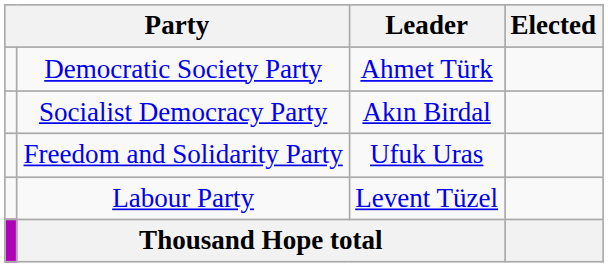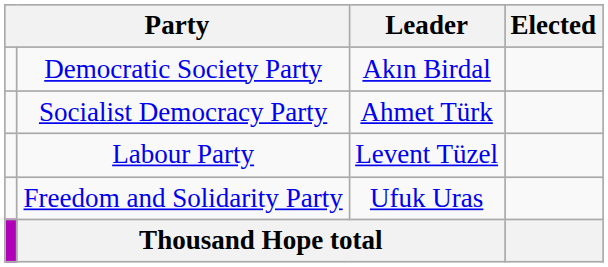 <table class="wikitable sortable" style="text-align:center;">
 <tr>
 <th colspan="2">Party</th>
 <th>Leader</th>
 <th>Elected</th>
 </tr>
 <tr>
 <td style="background:"></td>
 <td><a href='#'>Democratic Society Party</a></td>
+<td><a href='#'>Akın Birdal</a></td>
+<td></td>
+</tr>
+<tr>
+<td style="background:"></td>
+<td><a href='#'>Socialist Democracy Party</a></td>
 <td><a href='#'>Ahmet Türk</a></td>
 <td></td>
 </tr>
 <tr>
 <td style="background:"></td>
-<td><a href='#'>Socialist Democracy Party</a></td>
-<td><a href='#'>Akın Birdal</a></td>
+<td><a href='#'>Labour Party</a></td>
+<td><a href='#'>Levent Tüzel</a></td>
 <td></td>
 </tr>
 <tr>
 <td style="background:"></td>
 <td><a href='#'>Freedom and Solidarity Party</a></td>
 <td><a href='#'>Ufuk Uras</a></td>
 <td></td>
 </tr>
 <tr>
-<td style="background:"></td>
-<td><a href='#'>Labour Party</a></td>
-<td><a href='#'>Levent Tüzel</a></td>
-<td></td>
-</tr>
-<tr>
 <th style="background:#B000B8;"></th>
 <th colspan="2"><strong>Thousand Hope total</strong></th>
 <th></th>
 </tr>
 </table>
